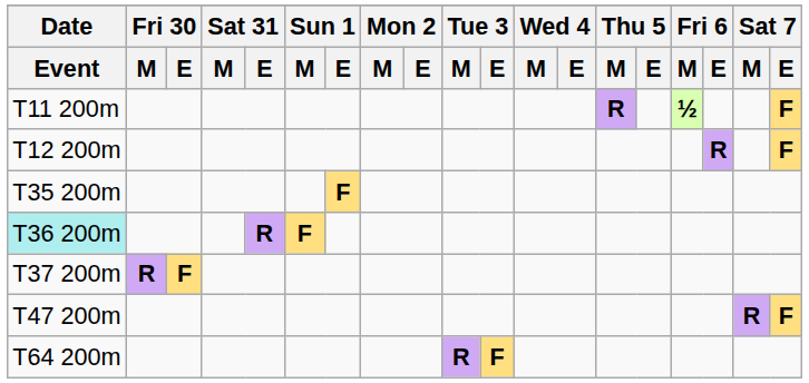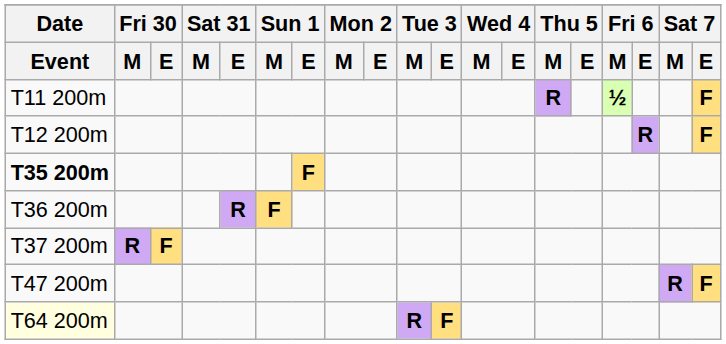 <table class="wikitable" style="margin:0.5em auto; font-size:90%; line-height:1.25em;">
 <tr align="center">
 </tr>
 <tr>
 <th>Date</th>
 <th colspan="2">Fri 30</th>
 <th colspan="2">Sat 31</th>
 <th colspan="2">Sun 1</th>
 <th colspan="2">Mon 2</th>
 <th colspan="2">Tue 3</th>
 <th colspan="2">Wed 4</th>
 <th colspan="2">Thu 5</th>
 <th colspan="2">Fri 6</th>
 <th colspan="2">Sat 7</th>
 </tr>
 <tr>
 <th>Event</th>
 <th>M</th>
 <th>E</th>
 <th>M</th>
 <th>E</th>
 <th>M</th>
 <th>E</th>
 <th>M</th>
 <th>E</th>
 <th>M</th>
 <th>E</th>
 <th>M</th>
 <th>E</th>
 <th>M</th>
 <th>E</th>
 <th>M</th>
 <th>E</th>
 <th>M</th>
 <th>E</th>
 </tr>
 <tr align="center">
 <td align="left">T11 200m</td>
 <td colspan="2"></td>
 <td colspan="2"></td>
 <td colspan="2"></td>
 <td colspan="2"></td>
 <td colspan="2"></td>
 <td colspan="2"></td>
 <td bgcolor="#D0A9F5"><strong>R</strong></td>
 <td></td>
 <td bgcolor="#D9FFB2"><strong>½</strong></td>
 <td></td>
 <td></td>
 <td bgcolor="#FFDF80"><strong>F</strong></td>
 </tr>
 <tr align="center">
 <td align="left">T12 200m</td>
 <td colspan="2"></td>
 <td colspan="2"></td>
 <td colspan="2"></td>
 <td colspan="2"></td>
 <td colspan="2"></td>
 <td colspan="2"></td>
 <td colspan="2"></td>
 <td></td>
 <td bgcolor="#D0A9F5"><strong>R</strong></td>
 <td></td>
 <td bgcolor="#FFDF80"><strong>F</strong></td>
 </tr>
 <tr align="center">
-<td align="left">T35 200m</td>
+<td align="left"><strong>T35 200m</strong></td>
 <td colspan="2"></td>
 <td colspan="2"></td>
 <td></td>
 <td bgcolor="#FFDF80"><strong>F</strong></td>
 <td colspan="2"></td>
 <td colspan="2"></td>
 <td colspan="2"></td>
 <td colspan="2"></td>
 <td colspan="2"></td>
 <td colspan="2"></td>
 </tr>
 <tr align="center">
-<td align="left" style="background: paleturquoise;">T36 200m</td>
+<td align="left">T36 200m</td>
 <td colspan="2"></td>
 <td></td>
 <td bgcolor="#D0A9F5"><strong>R</strong></td>
 <td bgcolor="#FFDF80"><strong>F</strong></td>
 <td></td>
 <td colspan="2"></td>
 <td colspan="2"></td>
 <td colspan="2"></td>
 <td colspan="2"></td>
 <td colspan="2"></td>
 <td colspan="2"></td>
 </tr>
 <tr align="center">
 <td align="left">T37 200m</td>
 <td bgcolor="#D0A9F5"><strong>R</strong></td>
 <td bgcolor="#FFDF80"><strong>F</strong></td>
 <td colspan="2"></td>
 <td colspan="2"></td>
 <td colspan="2"></td>
 <td colspan="2"></td>
 <td colspan="2"></td>
 <td colspan="2"></td>
 <td colspan="2"></td>
 </tr>
 <tr align="center">
 <td align="left">T47 200m</td>
 <td colspan="2"></td>
 <td colspan="2"></td>
 <td colspan="2"></td>
 <td colspan="2"></td>
 <td colspan="2"></td>
 <td colspan="2"></td>
 <td colspan="2"></td>
 <td colspan="2"></td>
 <td bgcolor="#D0A9F5"><strong>R</strong></td>
 <td bgcolor="#FFDF80"><strong>F</strong></td>
 </tr>
 <tr align="center">
-<td align="left">T64 200m</td>
+<td align="left" style="background: lightyellow;">T64 200m</td>
 <td colspan="2"></td>
 <td colspan="2"></td>
 <td colspan="2"></td>
 <td colspan="2"></td>
 <td bgcolor="#D0A9F5"><strong>R</strong></td>
 <td bgcolor="#FFDF80"><strong>F</strong></td>
 <td colspan="2"></td>
 <td colspan="2"></td>
 <td colspan="2"></td>
 <td colspan="2"></td>
 </tr>
 </table>
